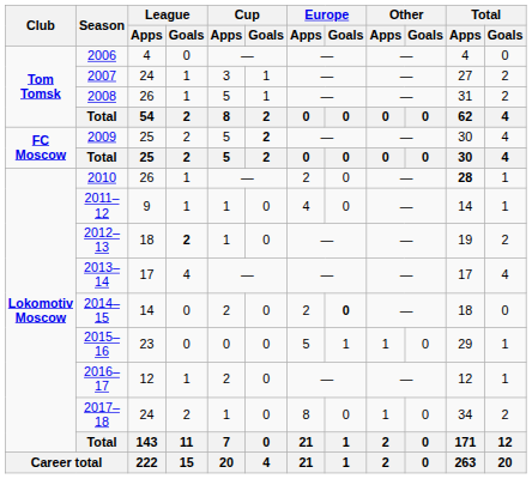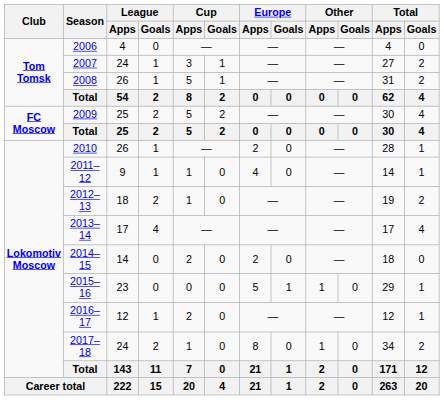 <table class="wikitable" style="text-align:center">
 <tr>
 <th rowspan="2">Club</th>
 <th rowspan="2">Season</th>
 <th colspan="2">League</th>
 <th colspan="2">Cup</th>
 <th colspan="2"><a href='#'>Europe</a></th>
 <th colspan="2">Other</th>
 <th colspan="2">Total</th>
 </tr>
 <tr>
 <th>Apps</th>
 <th>Goals</th>
 <th>Apps</th>
 <th>Goals</th>
 <th>Apps</th>
 <th>Goals</th>
 <th>Apps</th>
 <th>Goals</th>
 <th>Apps</th>
 <th>Goals</th>
 </tr>
 <tr>
 <td rowspan=4><strong><a href='#'>Tom Tomsk</a></strong></td>
 <td><a href='#'>2006</a></td>
 <td>4</td>
 <td>0</td>
 <td colspan=2>—</td>
 <td colspan=2>—</td>
 <td colspan=2>—</td>
 <td>4</td>
 <td>0</td>
 </tr>
 <tr>
 <td><a href='#'>2007</a></td>
 <td>24</td>
 <td>1</td>
 <td>3</td>
 <td>1</td>
 <td colspan=2>—</td>
 <td colspan=2>—</td>
 <td>27</td>
 <td>2</td>
 </tr>
 <tr>
 <td><a href='#'>2008</a></td>
 <td>26</td>
 <td>1</td>
 <td>5</td>
 <td>1</td>
 <td colspan=2>—</td>
 <td colspan=2>—</td>
 <td>31</td>
 <td>2</td>
 </tr>
 <tr>
 <th>Total</th>
 <th>54</th>
 <th>2</th>
 <th>8</th>
 <th>2</th>
 <th>0</th>
 <th>0</th>
 <th>0</th>
 <th>0</th>
 <th>62</th>
 <th>4</th>
 </tr>
 <tr>
 <td rowspan=2><strong><a href='#'>FC Moscow</a></strong></td>
 <td><a href='#'>2009</a></td>
 <td>25</td>
 <td>2</td>
 <td>5</td>
-<td><strong>2</strong></td>
+<td>2</td>
 <td colspan=2>—</td>
 <td colspan=2>—</td>
 <td>30</td>
 <td>4</td>
 </tr>
 <tr>
 <th>Total</th>
 <th>25</th>
 <th>2</th>
 <th>5</th>
 <th>2</th>
 <th>0</th>
 <th>0</th>
 <th>0</th>
 <th>0</th>
 <th>30</th>
 <th>4</th>
 </tr>
 <tr>
 <td rowspan=9><strong><a href='#'>Lokomotiv Moscow</a></strong></td>
 <td><a href='#'>2010</a></td>
 <td>26</td>
 <td>1</td>
 <td colspan=2>—</td>
 <td>2</td>
 <td>0</td>
 <td colspan=2>—</td>
-<td><strong>28</strong></td>
+<td>28</td>
 <td>1</td>
 </tr>
 <tr>
 <td><a href='#'>2011–12</a></td>
 <td>9</td>
 <td>1</td>
 <td>1</td>
 <td>0</td>
 <td>4</td>
 <td>0</td>
 <td colspan=2>—</td>
 <td>14</td>
 <td>1</td>
 </tr>
 <tr>
 <td><a href='#'>2012–13</a></td>
 <td>18</td>
-<td><strong>2</strong></td>
+<td>2</td>
 <td>1</td>
 <td>0</td>
 <td colspan=2>—</td>
 <td colspan=2>—</td>
 <td>19</td>
 <td>2</td>
 </tr>
 <tr>
 <td><a href='#'>2013–14</a></td>
 <td>17</td>
 <td>4</td>
 <td colspan=2>—</td>
 <td colspan=2>—</td>
 <td colspan=2>—</td>
 <td>17</td>
 <td>4</td>
 </tr>
 <tr>
 <td><a href='#'>2014–15</a></td>
 <td>14</td>
 <td>0</td>
 <td>2</td>
 <td>0</td>
 <td>2</td>
-<td><strong>0</strong></td>
+<td>0</td>
 <td colspan=2>—</td>
 <td>18</td>
 <td>0</td>
 </tr>
 <tr>
 <td><a href='#'>2015–16</a></td>
 <td>23</td>
 <td>0</td>
 <td>0</td>
 <td>0</td>
 <td>5</td>
 <td>1</td>
 <td>1</td>
 <td>0</td>
 <td>29</td>
 <td>1</td>
 </tr>
 <tr>
 <td><a href='#'>2016–17</a></td>
 <td>12</td>
 <td>1</td>
 <td>2</td>
 <td>0</td>
 <td colspan=2>—</td>
 <td colspan=2>—</td>
 <td>12</td>
 <td>1</td>
 </tr>
 <tr>
 <td><a href='#'>2017–18</a></td>
 <td>24</td>
 <td>2</td>
 <td>1</td>
 <td>0</td>
 <td>8</td>
 <td>0</td>
 <td>1</td>
 <td>0</td>
 <td>34</td>
 <td>2</td>
 </tr>
 <tr>
 <th>Total</th>
 <th>143</th>
 <th>11</th>
 <th>7</th>
 <th>0</th>
 <th>21</th>
 <th>1</th>
 <th>2</th>
 <th>0</th>
 <th>171</th>
 <th>12</th>
 </tr>
 <tr>
 <th colspan="2">Career total</th>
 <th>222</th>
 <th>15</th>
 <th>20</th>
 <th>4</th>
 <th>21</th>
 <th>1</th>
 <th>2</th>
 <th>0</th>
 <th>263</th>
 <th>20</th>
 </tr>
 </table>
